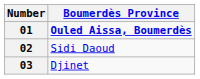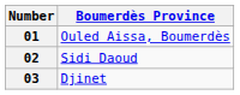 <table class="wikitable sortable">
 <tr>
 <th>Number</th>
 <th><a href='#'>Boumerdès Province</a></th>
 </tr>
 <tr>
 <th>01</th>
-<td><strong><a href='#'>Ouled Aissa, Boumerdès</a></strong></td>
+<td><a href='#'>Ouled Aissa, Boumerdès</a></td>
 </tr>
 <tr>
 <th>02</th>
 <td><a href='#'>Sidi Daoud</a></td>
 </tr>
 <tr>
 <th>03</th>
 <td><a href='#'>Djinet</a></td>
 </tr>
 </table>
